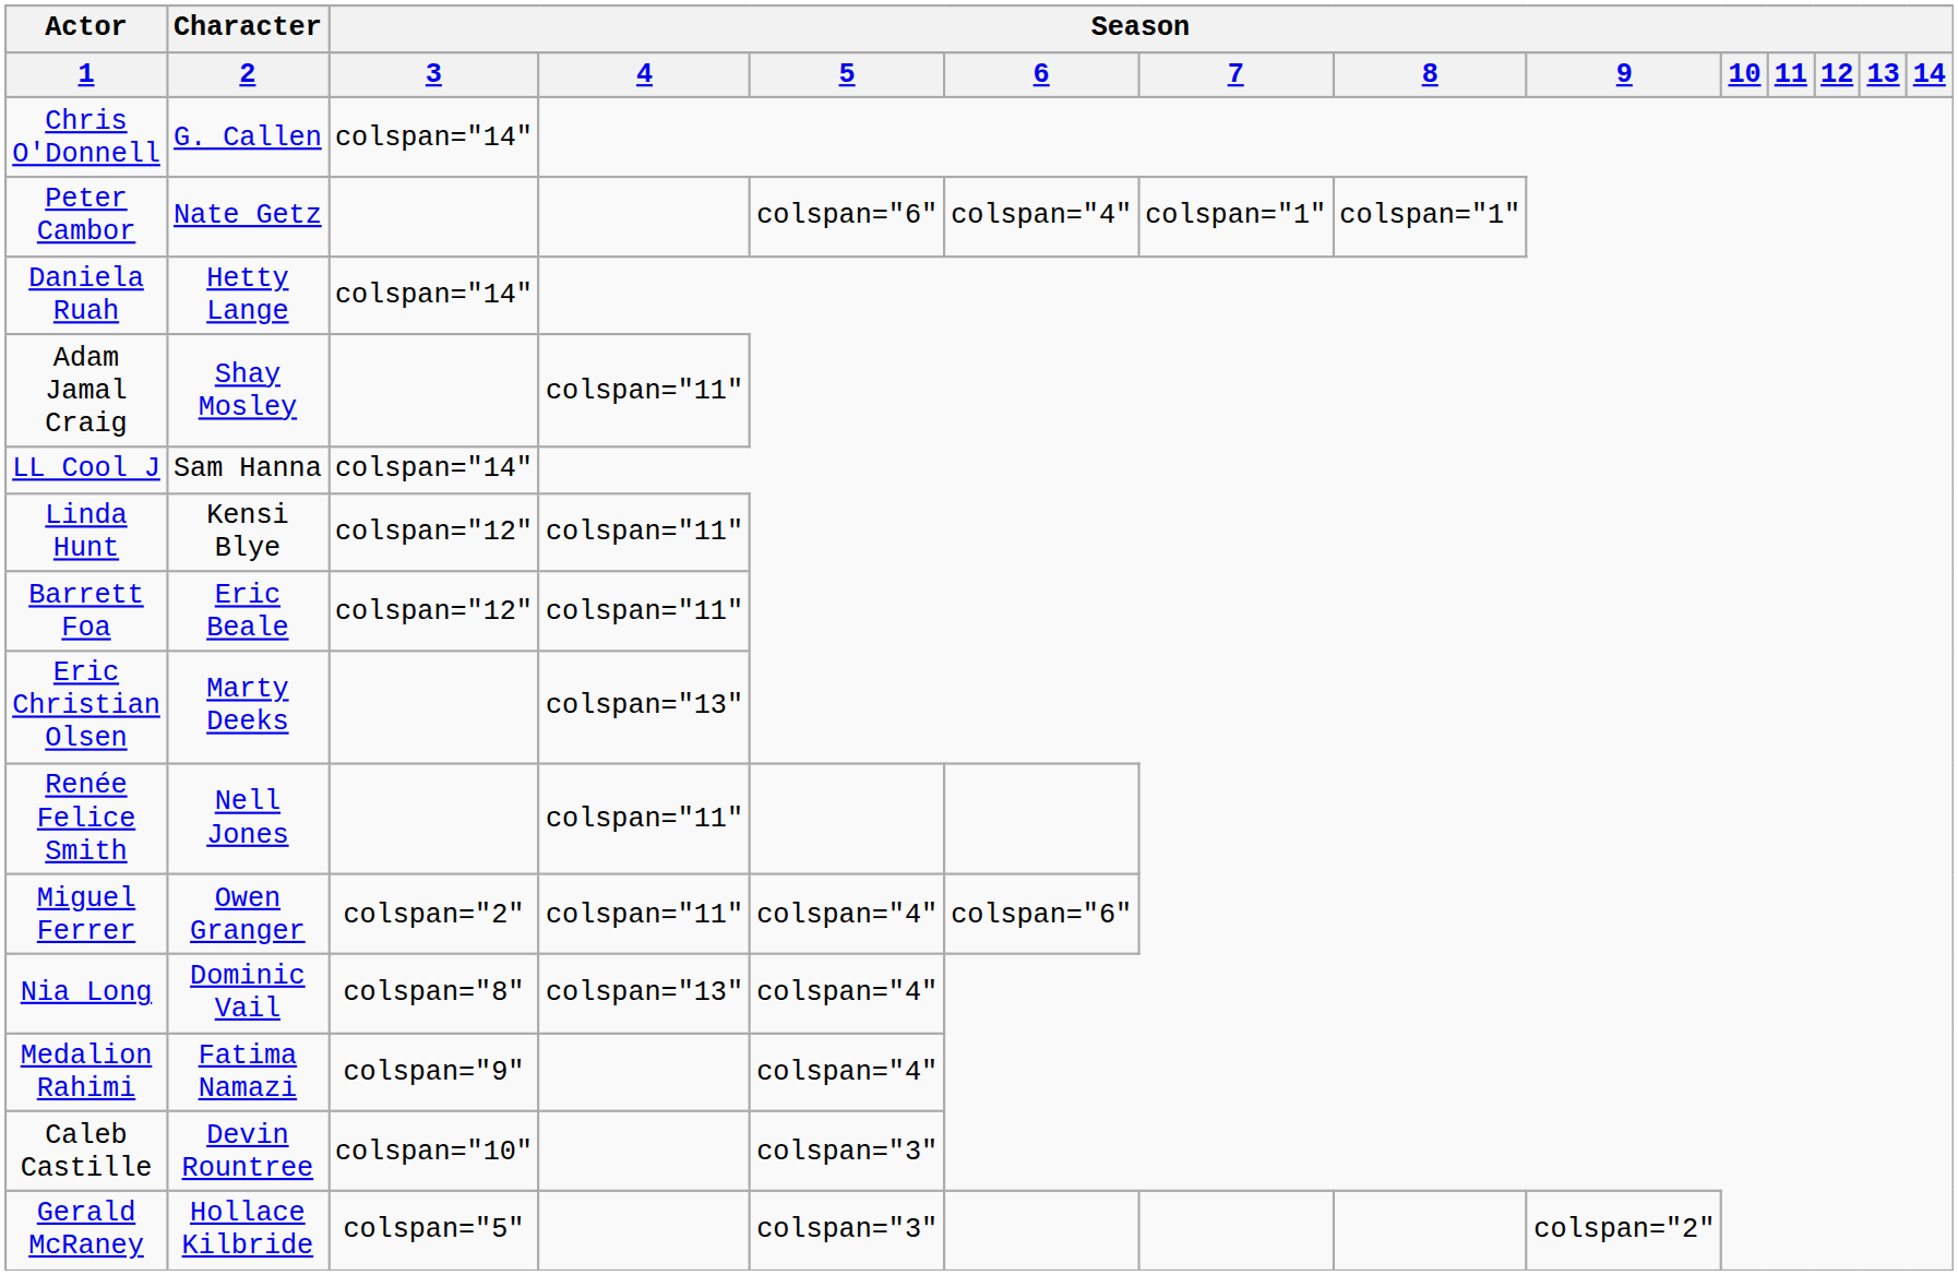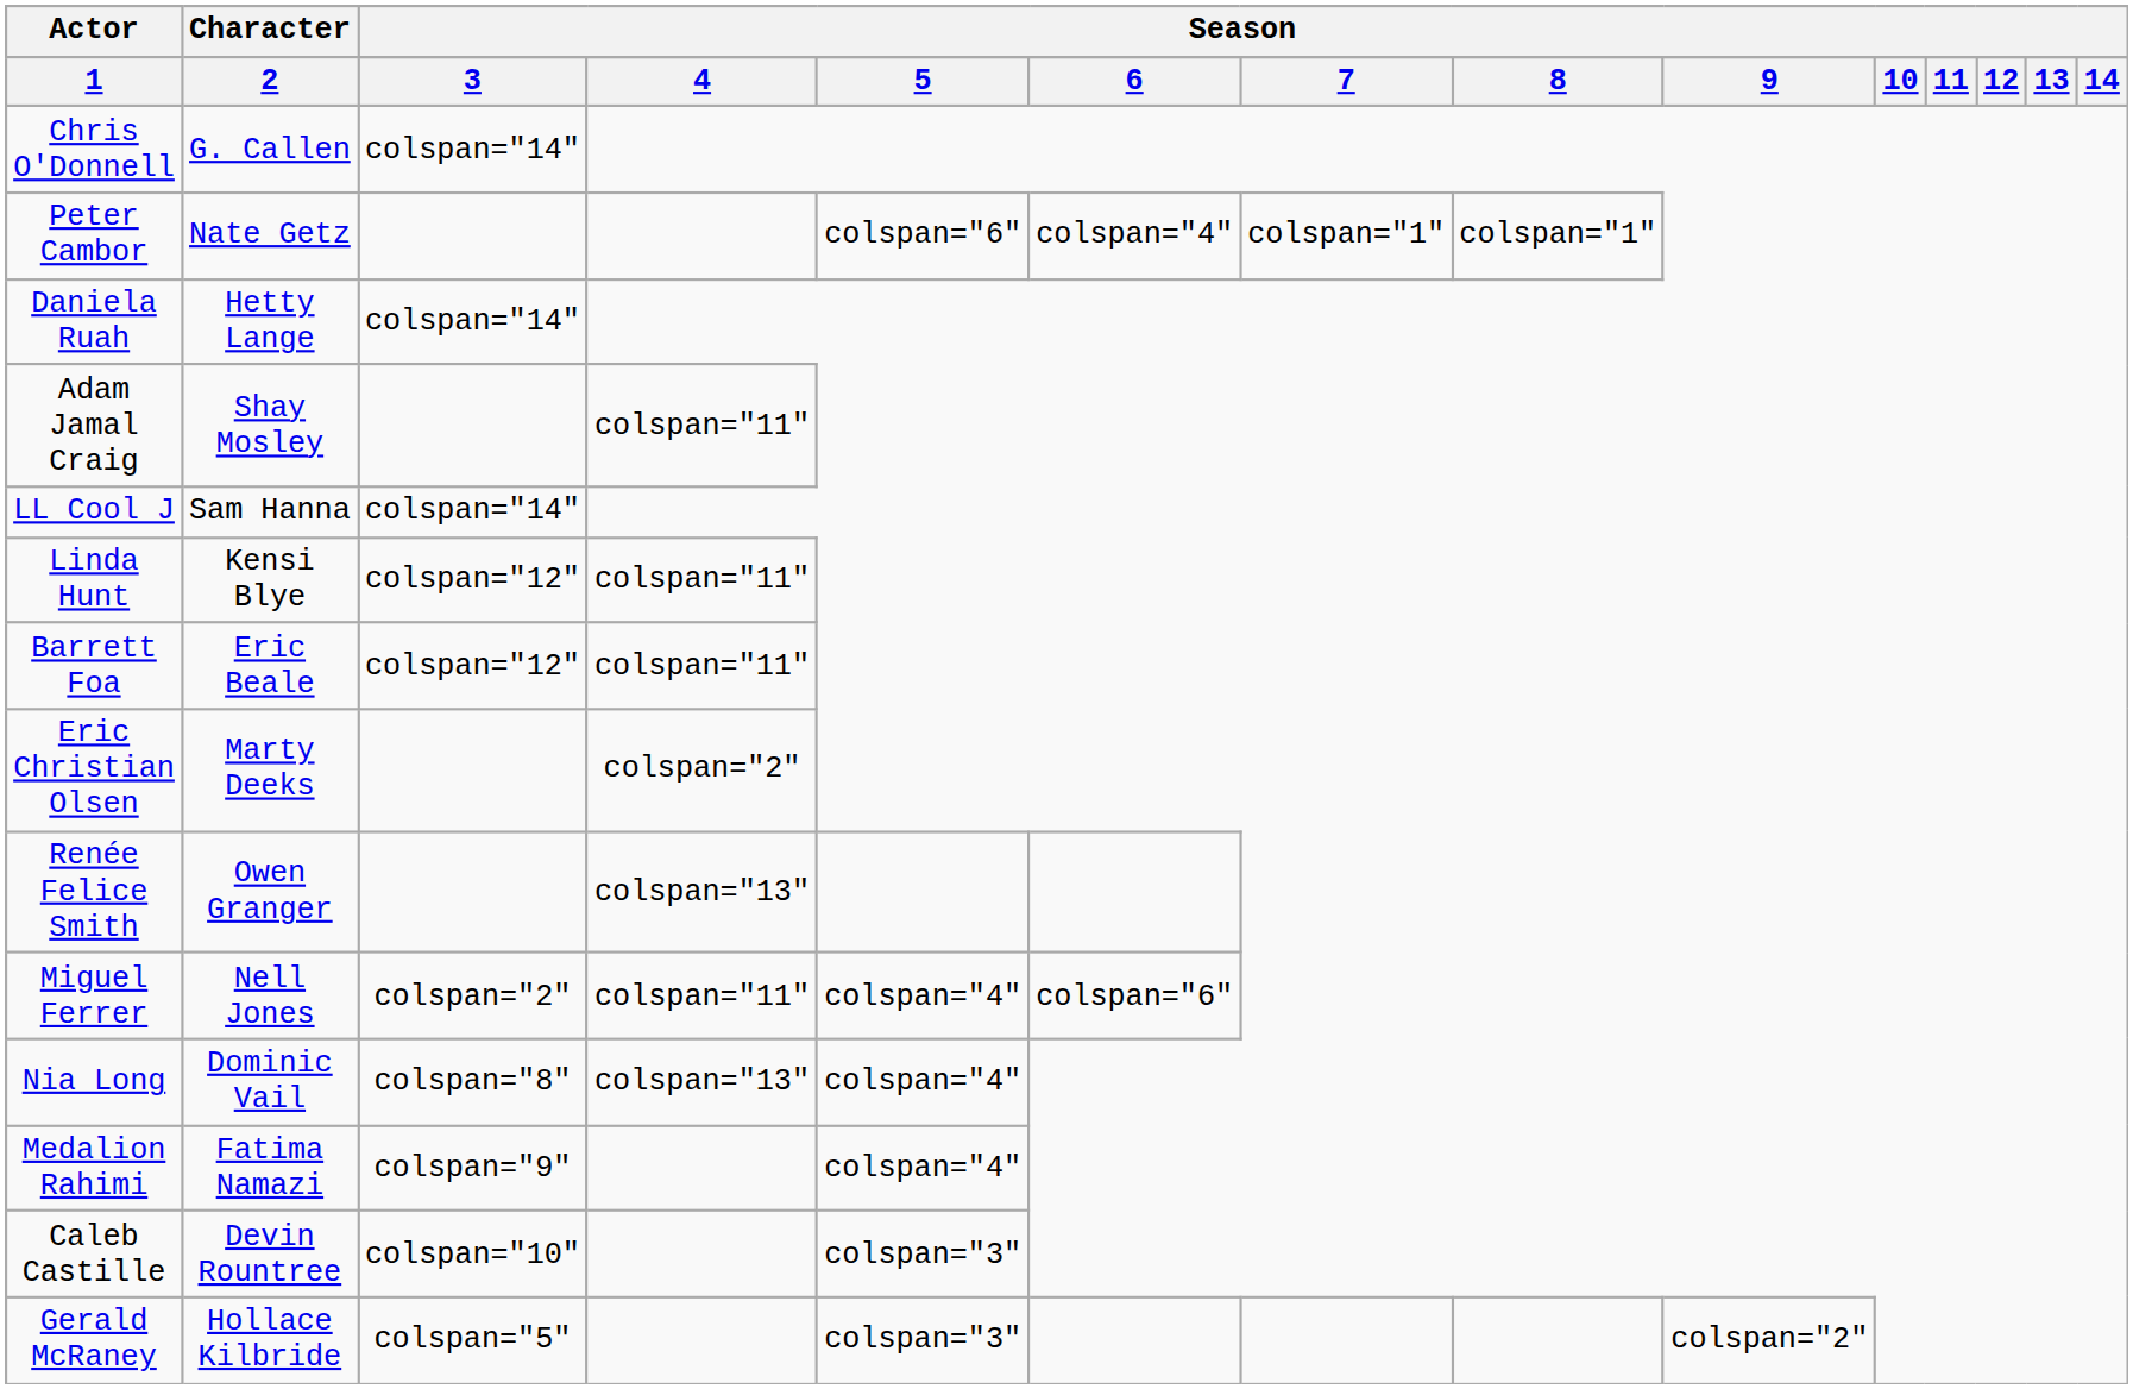 <table class="wikitable plainrowheaders" style="text-align:center; font-size:90%; width:100%">
 <tr>
 <th scope="col" rowspan="2" style="width:12%;">Actor</th>
 <th scope="col" rowspan="2" style="width:12%;">Character</th>
 <th scope="col" colspan="14" style="width:76%;">Season</th>
 </tr>
 <tr>
 </tr>
 <tr>
 <th scope="col" style="width:4%;"><a href='#'>1</a></th>
 <th scope="col" style="width:4%;"><a href='#'>2</a></th>
 <th scope="col" style="width:4%;"><a href='#'>3</a></th>
 <th scope="col" style="width:4%;"><a href='#'>4</a></th>
 <th scope="col" style="width:4%;"><a href='#'>5</a></th>
 <th scope="col" style="width:4%;"><a href='#'>6</a></th>
 <th scope="col" style="width:4%;"><a href='#'>7</a></th>
 <th scope="col" style="width:4%;"><a href='#'>8</a></th>
 <th scope="col" style="width:4%;"><a href='#'>9</a></th>
 <th scope="col" style="width:4%;"><a href='#'>10</a></th>
 <th scope="col" style="width:4%;"><a href='#'>11</a></th>
 <th scope="col" style="width:4%;"><a href='#'>12</a></th>
 <th scope="col" style="width:4%;"><a href='#'>13</a></th>
 <th scope="col" style="width:4%;"><a href='#'>14</a></th>
 </tr>
 <tr>
 <td scope="row"><a href='#'>Chris O'Donnell</a></td>
 <td><a href='#'>G. Callen</a></td>
 <td>colspan="14" </td>
 </tr>
 <tr>
 <td scope="row"><a href='#'>Peter Cambor</a></td>
 <td><a href='#'>Nate Getz</a></td>
 <td></td>
 <td></td>
 <td>colspan="6" </td>
 <td>colspan="4" </td>
 <td>colspan="1" </td>
 <td>colspan="1" </td>
 </tr>
 <tr>
 <td scope="row"><a href='#'>Daniela Ruah</a></td>
 <td><a href='#'>Hetty Lange</a></td>
 <td>colspan="14" </td>
 </tr>
 <tr>
 <td scope="row">Adam Jamal Craig</td>
 <td><a href='#'>Shay Mosley</a></td>
 <td></td>
 <td>colspan="11" </td>
 </tr>
 <tr>
 <td scope="row"><a href='#'>LL Cool J</a></td>
 <td>Sam Hanna</td>
 <td>colspan="14" </td>
 </tr>
 <tr>
 <td scope="row"><a href='#'>Linda Hunt</a></td>
 <td>Kensi Blye</td>
 <td>colspan="12" </td>
 <td>colspan="11" </td>
 </tr>
 <tr>
 <td scope="row"><a href='#'>Barrett Foa</a></td>
 <td><a href='#'>Eric Beale</a></td>
 <td>colspan="12" </td>
 <td>colspan="11" </td>
 </tr>
 <tr>
 <td scope="row"><a href='#'>Eric Christian Olsen</a></td>
 <td><a href='#'>Marty Deeks</a></td>
 <td></td>
-<td>colspan="13" </td>
+<td>colspan="2" </td>
 </tr>
 <tr>
 <td scope="row"><a href='#'>Renée Felice Smith</a></td>
-<td><a href='#'>Nell Jones</a></td>
+<td><a href='#'>Owen Granger</a></td>
 <td></td>
-<td>colspan="11" </td>
+<td>colspan="13" </td>
 <td></td>
 <td></td>
 </tr>
 <tr>
 <td scope="row"><a href='#'>Miguel Ferrer</a></td>
-<td><a href='#'>Owen Granger</a></td>
+<td><a href='#'>Nell Jones</a></td>
 <td>colspan="2" </td>
 <td>colspan="11" </td>
 <td>colspan="4" </td>
 <td>colspan="6" </td>
 </tr>
 <tr>
 <td scope="row"><a href='#'>Nia Long</a></td>
 <td><a href='#'>Dominic Vail</a></td>
 <td>colspan="8" </td>
 <td>colspan="13" </td>
 <td>colspan="4" </td>
 </tr>
 <tr>
 <td scope="row"><a href='#'>Medalion Rahimi</a></td>
 <td><a href='#'>Fatima Namazi</a></td>
 <td>colspan="9" </td>
 <td></td>
 <td>colspan="4" </td>
 </tr>
 <tr>
 <td scope="row">Caleb Castille</td>
 <td><a href='#'>Devin Rountree</a></td>
 <td>colspan="10" </td>
 <td></td>
 <td>colspan="3" </td>
 </tr>
 <tr>
 <td scope="row"><a href='#'>Gerald McRaney</a></td>
 <td><a href='#'>Hollace Kilbride</a></td>
 <td>colspan="5" </td>
 <td></td>
 <td>colspan="3" </td>
 <td></td>
 <td></td>
 <td></td>
 <td>colspan="2" </td>
 </tr>
 </table>
